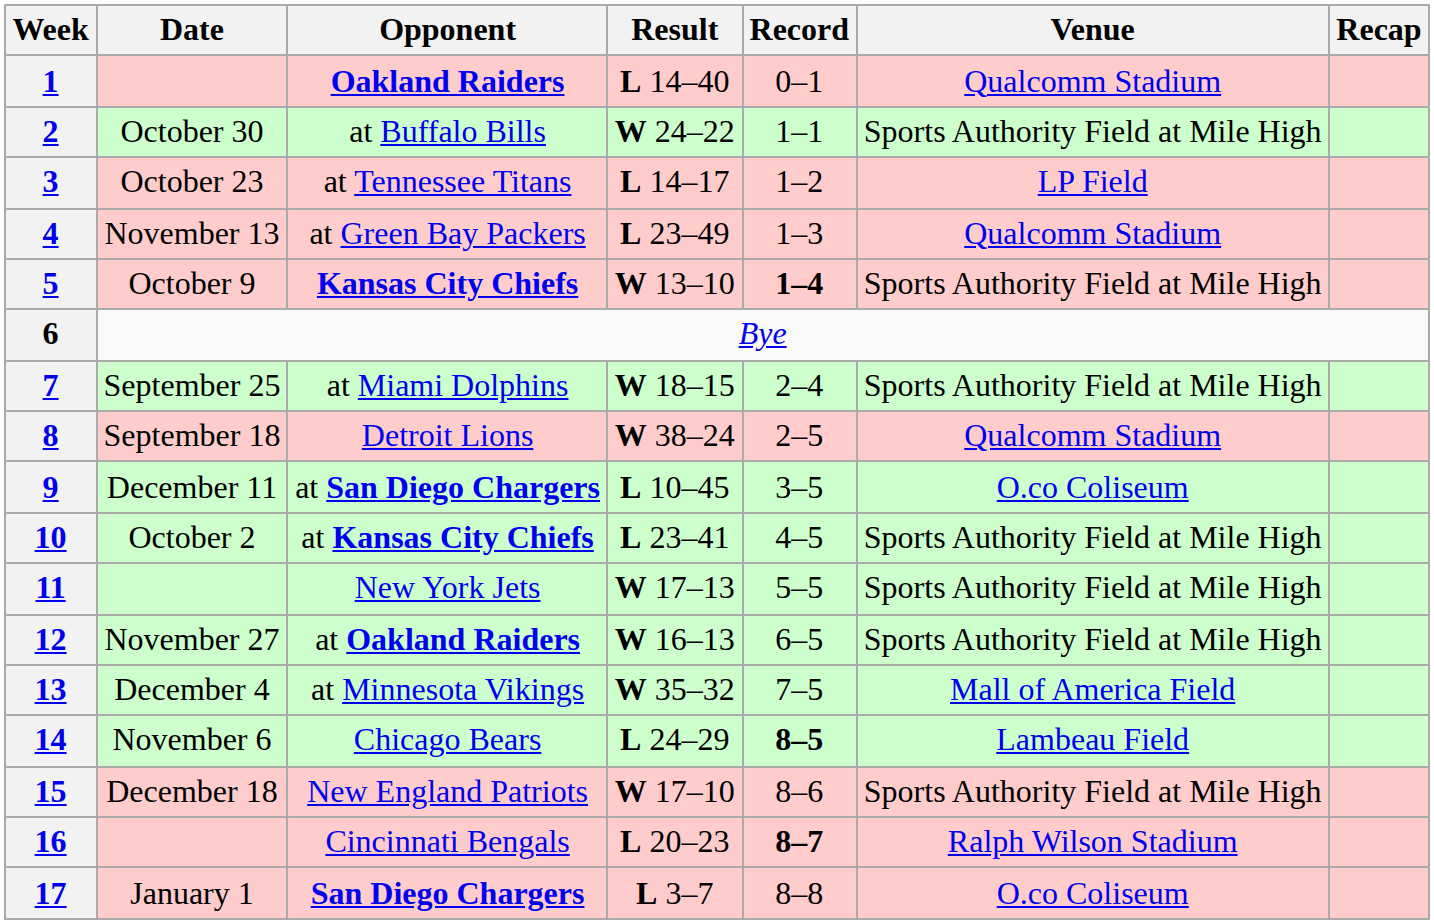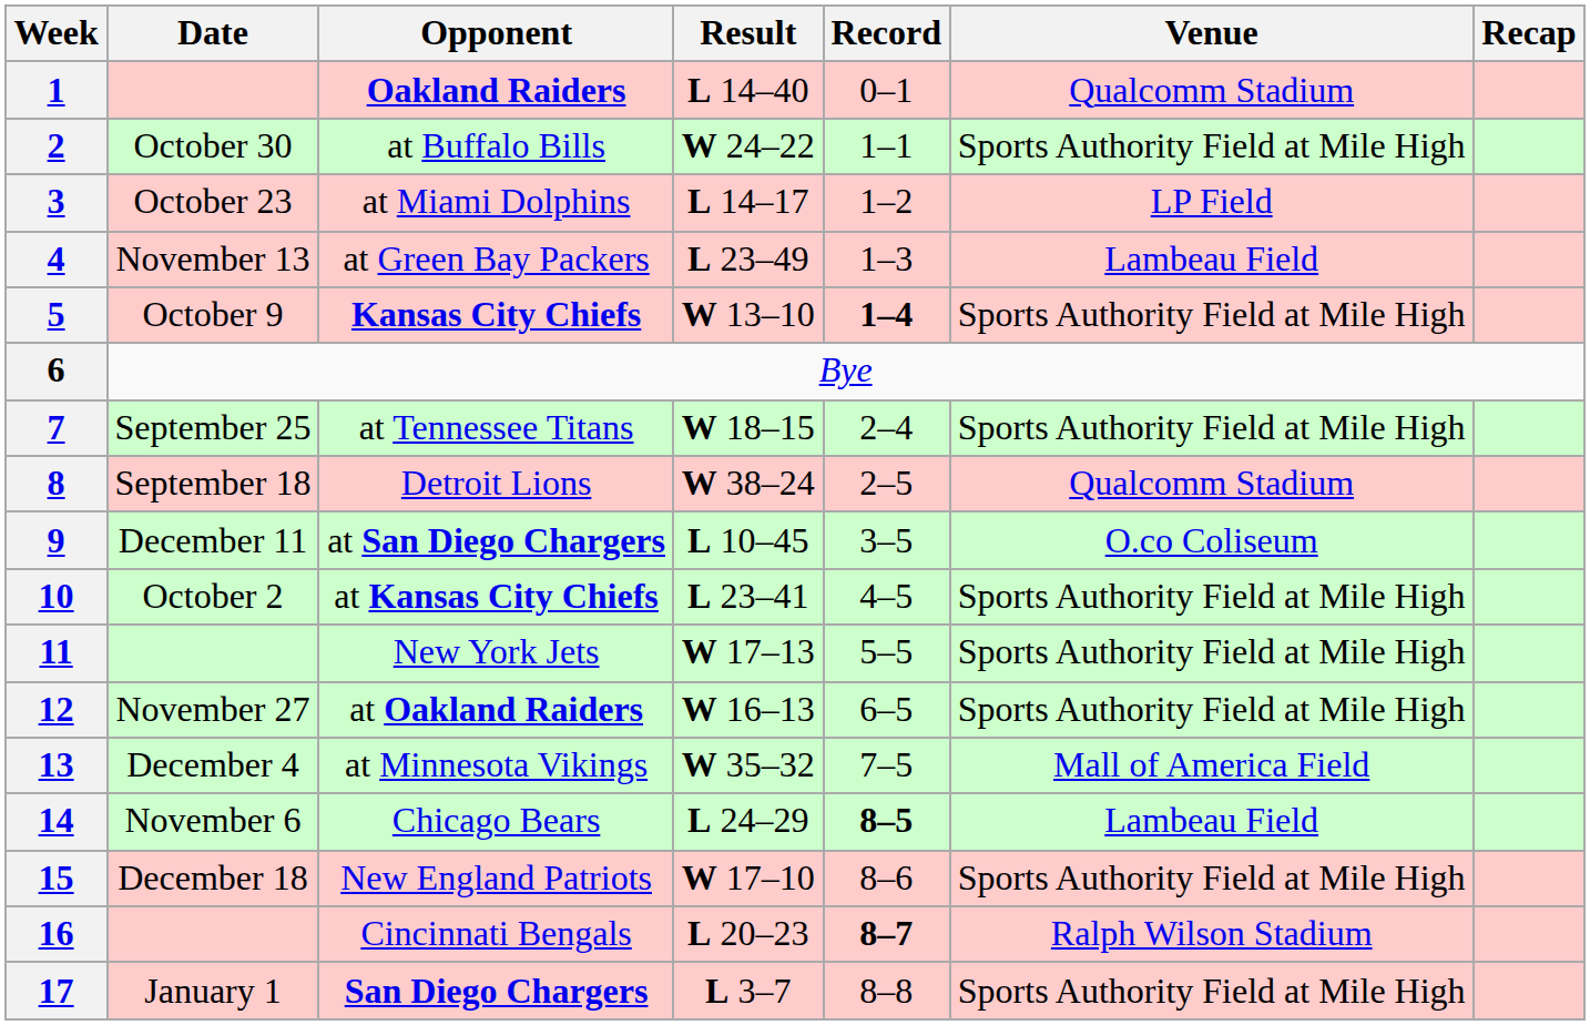 <table class="wikitable" style="text-align:center">
 <tr>
 <th>Week</th>
 <th>Date</th>
 <th>Opponent</th>
 <th>Result</th>
 <th>Record</th>
 <th>Venue</th>
 <th>Recap</th>
 </tr>
 <tr style="background:#fcc">
 <th><a href='#'>1</a></th>
 <td></td>
 <td><strong><a href='#'>Oakland Raiders</a></strong></td>
 <td><strong>L</strong> 14–40</td>
 <td>0–1</td>
 <td><a href='#'>Qualcomm Stadium</a></td>
 <td></td>
 </tr>
 <tr style="background:#cfc">
 <th><a href='#'>2</a></th>
 <td>October 30</td>
 <td>at <a href='#'>Buffalo Bills</a></td>
 <td><strong>W</strong> 24–22</td>
 <td>1–1</td>
 <td>Sports Authority Field at Mile High</td>
 <td></td>
 </tr>
 <tr style="background:#fcc">
 <th><a href='#'>3</a></th>
 <td>October 23</td>
-<td>at <a href='#'>Tennessee Titans</a></td>
+<td>at <a href='#'>Miami Dolphins</a></td>
 <td><strong>L</strong> 14–17</td>
 <td>1–2</td>
 <td><a href='#'>LP Field</a></td>
 <td></td>
 </tr>
 <tr style="background:#fcc">
 <th><a href='#'>4</a></th>
 <td>November 13</td>
 <td>at <a href='#'>Green Bay Packers</a></td>
 <td><strong>L</strong> 23–49</td>
 <td>1–3</td>
-<td><a href='#'>Qualcomm Stadium</a></td>
+<td><a href='#'>Lambeau Field</a></td>
 <td></td>
 </tr>
 <tr style="background:#fcc">
 <th><a href='#'>5</a></th>
 <td>October 9</td>
 <td><strong><a href='#'>Kansas City Chiefs</a></strong></td>
 <td><strong>W</strong> 13–10 </td>
 <td><strong>1–4</strong></td>
 <td>Sports Authority Field at Mile High</td>
 <td></td>
 </tr>
 <tr>
 <th>6</th>
 <td colspan="6"><em><a href='#'>Bye</a></em></td>
 </tr>
 <tr style="background:#cfc">
 <th><a href='#'>7</a></th>
 <td>September 25</td>
-<td>at <a href='#'>Miami Dolphins</a></td>
+<td>at <a href='#'>Tennessee Titans</a></td>
 <td><strong>W</strong> 18–15 </td>
 <td>2–4</td>
 <td>Sports Authority Field at Mile High</td>
 <td></td>
 </tr>
 <tr style="background:#fcc">
 <th><a href='#'>8</a></th>
 <td>September 18</td>
 <td><a href='#'>Detroit Lions</a></td>
 <td><strong>W</strong> 38–24</td>
 <td>2–5</td>
 <td><a href='#'>Qualcomm Stadium</a></td>
 <td></td>
 </tr>
 <tr style="background:#cfc">
 <th><a href='#'>9</a></th>
 <td>December 11</td>
 <td>at <strong><a href='#'>San Diego Chargers</a></strong></td>
 <td><strong>L</strong> 10–45</td>
 <td>3–5</td>
 <td><a href='#'>O.co Coliseum</a></td>
 <td></td>
 </tr>
 <tr style="background:#cfc">
 <th><a href='#'>10</a></th>
 <td>October 2</td>
 <td>at <strong><a href='#'>Kansas City Chiefs</a></strong></td>
 <td><strong>L</strong> 23–41</td>
 <td>4–5</td>
 <td>Sports Authority Field at Mile High</td>
 <td></td>
 </tr>
 <tr style="background:#cfc">
 <th><a href='#'>11</a></th>
 <td></td>
 <td><a href='#'>New York Jets</a></td>
 <td><strong>W</strong> 17–13</td>
 <td>5–5</td>
 <td>Sports Authority Field at Mile High</td>
 <td></td>
 </tr>
 <tr style="background:#cfc">
 <th><a href='#'>12</a></th>
 <td>November 27</td>
 <td>at <strong><a href='#'>Oakland Raiders</a></strong></td>
 <td><strong>W</strong> 16–13 </td>
 <td>6–5</td>
 <td>Sports Authority Field at Mile High</td>
 <td></td>
 </tr>
 <tr style="background:#cfc">
 <th><a href='#'>13</a></th>
 <td>December 4</td>
 <td>at <a href='#'>Minnesota Vikings</a></td>
 <td><strong>W</strong> 35–32</td>
 <td>7–5</td>
 <td><a href='#'>Mall of America Field</a></td>
 <td></td>
 </tr>
 <tr style="background:#cfc">
 <th><a href='#'>14</a></th>
 <td>November 6</td>
 <td><a href='#'>Chicago Bears</a></td>
 <td><strong>L</strong> 24–29</td>
 <td><strong>8–5</strong></td>
 <td><a href='#'>Lambeau Field</a></td>
 <td></td>
 </tr>
 <tr style="background:#fcc">
 <th><a href='#'>15</a></th>
 <td>December 18</td>
 <td><a href='#'>New England Patriots</a></td>
 <td><strong>W</strong> 17–10</td>
 <td>8–6</td>
 <td>Sports Authority Field at Mile High</td>
 <td></td>
 </tr>
 <tr style="background:#fcc">
 <th><a href='#'>16</a></th>
 <td></td>
 <td><a href='#'>Cincinnati Bengals</a></td>
 <td><strong>L</strong> 20–23</td>
 <td><strong>8–7</strong></td>
 <td><a href='#'>Ralph Wilson Stadium</a></td>
 <td></td>
 </tr>
 <tr style="background:#fcc">
 <th><a href='#'>17</a></th>
 <td>January 1</td>
 <td><strong><a href='#'>San Diego Chargers</a></strong></td>
 <td><strong>L</strong> 3–7</td>
 <td>8–8</td>
-<td><a href='#'>O.co Coliseum</a></td>
+<td>Sports Authority Field at Mile High</td>
 <td></td>
 </tr>
 </table>
